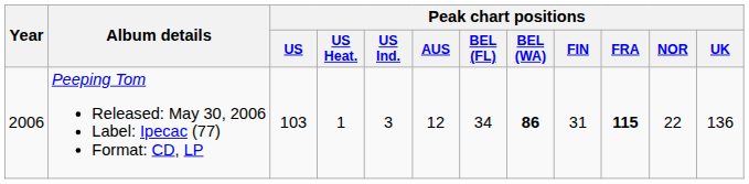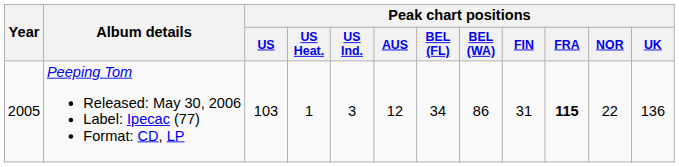 <table class="wikitable">
 <tr>
 <th rowspan="2">Year</th>
 <th rowspan="2">Album details</th>
 <th colspan="10">Peak chart positions</th>
 </tr>
 <tr>
 <th style="width:3em;font-size:85%;"><a href='#'>US</a><br></th>
 <th style="width:3em;font-size:85%;"><a href='#'>US<br>Heat.</a><br></th>
 <th style="width:3em;font-size:85%;"><a href='#'>US<br>Ind.</a><br></th>
 <th style="width:3em;font-size:85%;"><a href='#'>AUS</a><br></th>
 <th style="width:3em;font-size:85%;"><a href='#'>BEL<br>(FL)</a><br></th>
 <th style="width:3em;font-size:85%;"><a href='#'>BEL<br>(WA)</a><br></th>
 <th style="width:3em;font-size:85%;"><a href='#'>FIN</a><br></th>
 <th style="width:3em;font-size:85%;"><a href='#'>FRA</a><br></th>
 <th style="width:3em;font-size:85%;"><a href='#'>NOR</a><br></th>
 <th style="width:3em;font-size:85%;"><a href='#'>UK</a><br></th>
 </tr>
 <tr>
-<td>2006</td>
+<td>2005</td>
 <td style="text-align:left;"><em><a href='#'>Peeping Tom</a></em><br><ul><li>Released: May 30, 2006</li><li>Label: <a href='#'>Ipecac</a> (77)</li><li>Format: <a href='#'>CD</a>, <a href='#'>LP</a></li></ul></td>
 <td style="text-align:center;">103</td>
 <td style="text-align:center;">1</td>
 <td style="text-align:center;">3</td>
 <td style="text-align:center;">12</td>
 <td style="text-align:center;">34</td>
-<td style="text-align:center;"><strong>86</strong></td>
+<td style="text-align:center;">86</td>
 <td style="text-align:center;">31</td>
 <td style="text-align:center;"><strong>115</strong></td>
 <td style="text-align:center;">22</td>
 <td style="text-align:center;">136</td>
 </tr>
 </table>
